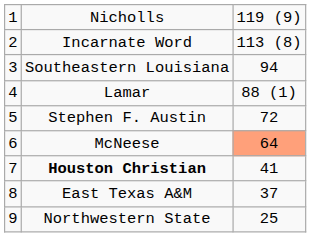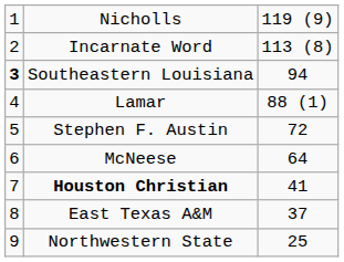 <table class="wikitable">
 <tr align="center">
 <td>1</td>
 <td>Nicholls</td>
 <td>119 (9)</td>
 </tr>
 <tr align="center">
 <td>2</td>
 <td>Incarnate Word</td>
 <td>113 (8)</td>
 </tr>
 <tr align="center">
-<td>3</td>
+<td><strong>3</strong></td>
 <td>Southeastern Louisiana</td>
 <td>94</td>
 </tr>
 <tr align="center">
 <td>4</td>
 <td>Lamar</td>
 <td>88 (1)</td>
 </tr>
 <tr align="center">
 <td>5</td>
 <td>Stephen F. Austin</td>
 <td>72</td>
 </tr>
 <tr align="center">
 <td>6</td>
 <td>McNeese</td>
-<td style="background: lightsalmon;">64</td>
+<td>64</td>
 </tr>
 <tr align="center">
 <td>7</td>
 <td><strong>Houston Christian</strong></td>
 <td>41</td>
 </tr>
 <tr align="center">
 <td>8</td>
 <td>East Texas A&M</td>
 <td>37</td>
 </tr>
 <tr align="center">
 <td>9</td>
 <td>Northwestern State</td>
 <td>25</td>
 </tr>
 </table>
